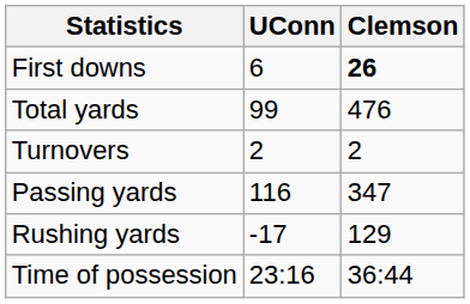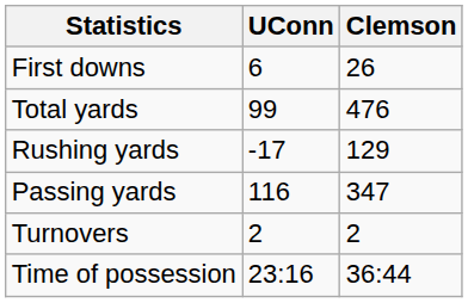 <table class="wikitable">
 <tr>
 <th>Statistics</th>
 <th>UConn</th>
 <th>Clemson</th>
 </tr>
 <tr>
 <td>First downs</td>
 <td>6</td>
-<td><strong>26</strong></td>
+<td>26</td>
 </tr>
 <tr>
 <td>Total yards</td>
 <td>99</td>
 <td>476</td>
 </tr>
 <tr>
-<td>Turnovers</td>
-<td>2</td>
-<td>2</td>
+<td>Rushing yards</td>
+<td>-17</td>
+<td>129</td>
 </tr>
 <tr>
 <td>Passing yards</td>
 <td>116</td>
 <td>347</td>
 </tr>
 <tr>
-<td>Rushing yards</td>
-<td>-17</td>
-<td>129</td>
+<td>Turnovers</td>
+<td>2</td>
+<td>2</td>
 </tr>
 <tr>
 <td>Time of possession</td>
 <td>23:16</td>
 <td>36:44</td>
 </tr>
 </table>
